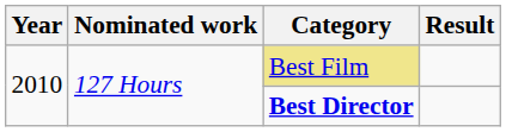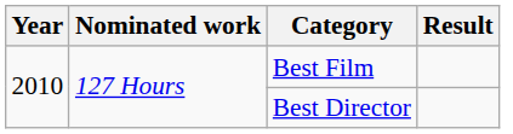 <table class="wikitable sortable">
 <tr>
 <th>Year</th>
 <th>Nominated work</th>
 <th>Category</th>
 <th>Result</th>
 </tr>
 <tr>
 <td rowspan=2>2010</td>
 <td rowspan=2><em><a href='#'>127 Hours</a></em></td>
-<td style="background: khaki;"><a href='#'>Best Film</a></td>
+<td><a href='#'>Best Film</a></td>
 <td></td>
 </tr>
 <tr>
-<td><strong><a href='#'>Best Director</a></strong></td>
+<td><a href='#'>Best Director</a></td>
 <td></td>
 </tr>
 </table>
